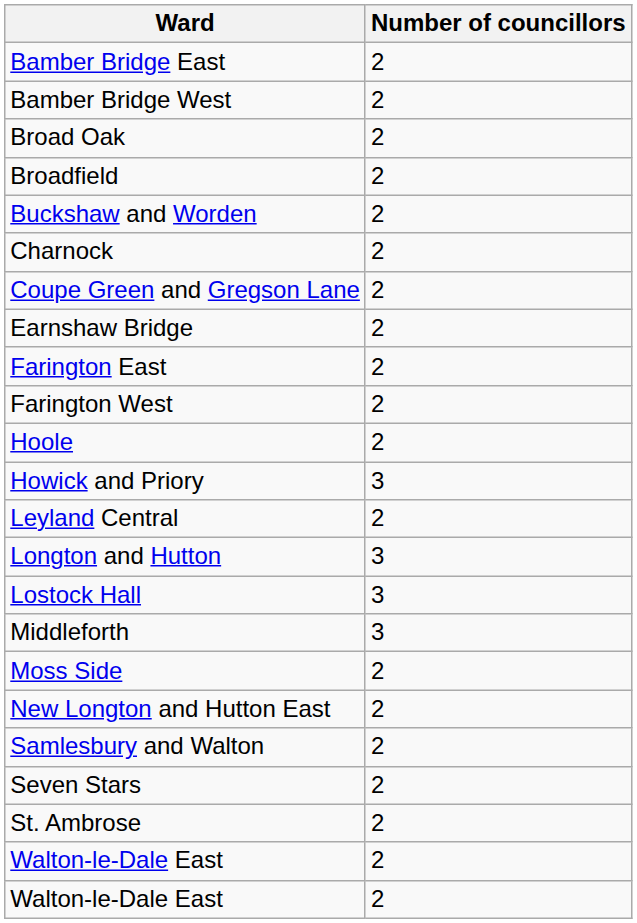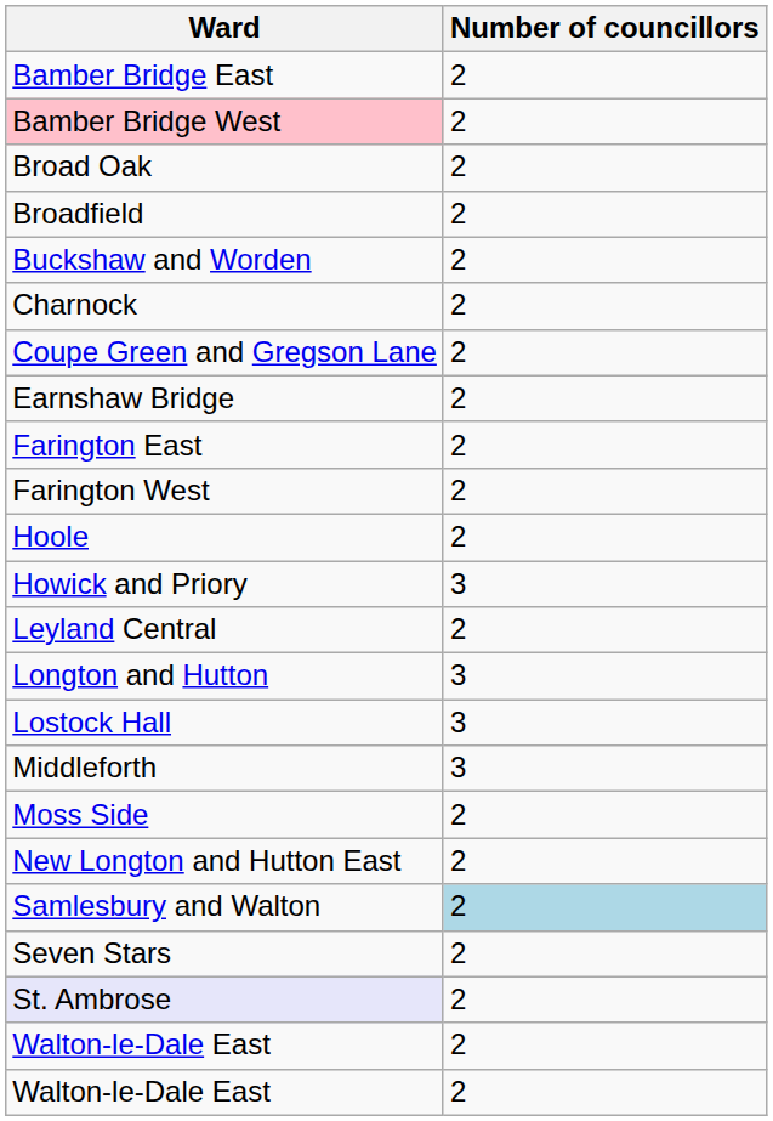 <table class="wikitable sortable">
 <tr>
 <th>Ward</th>
 <th>Number of councillors</th>
 </tr>
 <tr>
 <td><a href='#'>Bamber Bridge</a> East</td>
 <td>2</td>
 </tr>
 <tr>
-<td>Bamber Bridge West</td>
+<td style="background: pink;">Bamber Bridge West</td>
 <td>2</td>
 </tr>
 <tr>
 <td>Broad Oak</td>
 <td>2</td>
 </tr>
 <tr>
 <td>Broadfield</td>
 <td>2</td>
 </tr>
 <tr>
 <td><a href='#'>Buckshaw</a> and <a href='#'>Worden</a></td>
 <td>2</td>
 </tr>
 <tr>
 <td>Charnock</td>
 <td>2</td>
 </tr>
 <tr>
 <td><a href='#'>Coupe Green</a> and <a href='#'>Gregson Lane</a></td>
 <td>2</td>
 </tr>
 <tr>
 <td>Earnshaw Bridge</td>
 <td>2</td>
 </tr>
 <tr>
 <td><a href='#'>Farington</a> East</td>
 <td>2</td>
 </tr>
 <tr>
 <td>Farington West</td>
 <td>2</td>
 </tr>
 <tr>
 <td><a href='#'>Hoole</a></td>
 <td>2</td>
 </tr>
 <tr>
 <td><a href='#'>Howick</a> and Priory</td>
 <td>3</td>
 </tr>
 <tr>
 <td><a href='#'>Leyland</a> Central</td>
 <td>2</td>
 </tr>
 <tr>
 <td><a href='#'>Longton</a> and <a href='#'>Hutton</a></td>
 <td>3</td>
 </tr>
 <tr>
 <td><a href='#'>Lostock Hall</a></td>
 <td>3</td>
 </tr>
 <tr>
 <td>Middleforth</td>
 <td>3</td>
 </tr>
 <tr>
 <td><a href='#'>Moss Side</a></td>
 <td>2</td>
 </tr>
 <tr>
 <td><a href='#'>New Longton</a> and Hutton East</td>
 <td>2</td>
 </tr>
 <tr>
 <td><a href='#'>Samlesbury</a> and Walton</td>
-<td>2</td>
+<td style="background: lightblue;">2</td>
 </tr>
 <tr>
 <td>Seven Stars</td>
 <td>2</td>
 </tr>
 <tr>
-<td>St. Ambrose</td>
+<td style="background: lavender;">St. Ambrose</td>
 <td>2</td>
 </tr>
 <tr>
 <td><a href='#'>Walton-le-Dale</a> East</td>
 <td>2</td>
 </tr>
 <tr>
 <td>Walton-le-Dale East</td>
 <td>2</td>
 </tr>
 </table>
